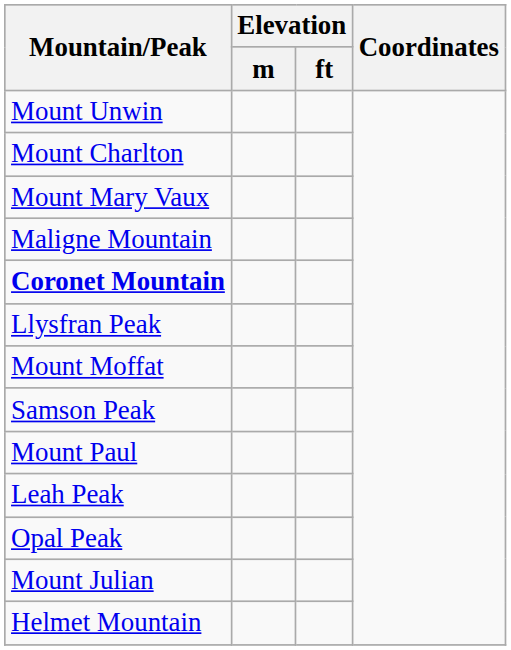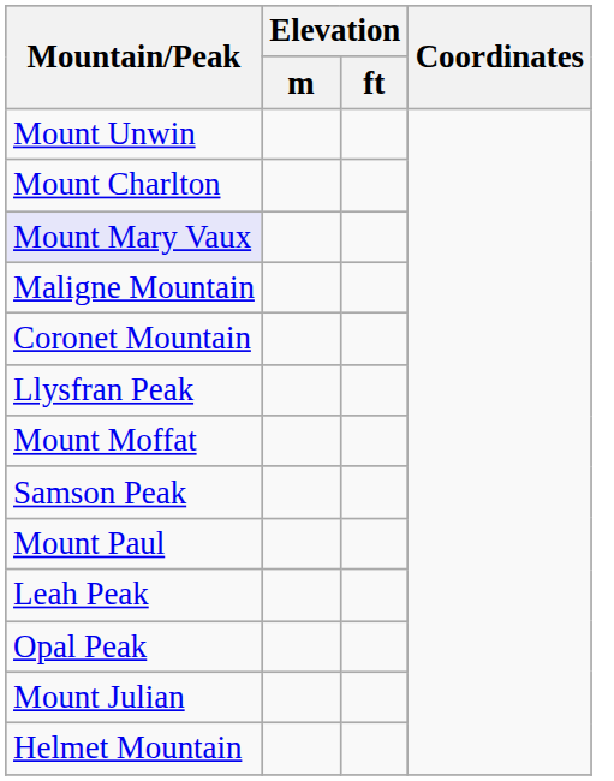 <table class="wikitable sortable">
 <tr>
 <th rowspan=2>Mountain/Peak</th>
 <th colspan=2>Elevation</th>
 <th rowspan=2>Coordinates</th>
 </tr>
 <tr>
 <th>m</th>
 <th>ft</th>
 </tr>
 <tr>
 <td><a href='#'>Mount Unwin</a></td>
 <td></td>
 <td></td>
 </tr>
 <tr>
 <td><a href='#'>Mount Charlton</a></td>
 <td></td>
 <td></td>
 </tr>
 <tr>
-<td><a href='#'>Mount Mary Vaux</a></td>
+<td style="background: lavender;"><a href='#'>Mount Mary Vaux</a></td>
 <td></td>
 <td></td>
 </tr>
 <tr>
 <td><a href='#'>Maligne Mountain</a></td>
 <td></td>
 <td></td>
 </tr>
 <tr>
-<td><strong><a href='#'>Coronet Mountain</a></strong></td>
+<td><a href='#'>Coronet Mountain</a></td>
 <td></td>
 <td></td>
 </tr>
 <tr>
 <td><a href='#'>Llysfran Peak</a></td>
 <td></td>
 <td></td>
 </tr>
 <tr>
 <td><a href='#'>Mount Moffat</a></td>
 <td></td>
 <td></td>
 </tr>
 <tr>
 <td><a href='#'>Samson Peak</a></td>
 <td></td>
 <td></td>
 </tr>
 <tr>
 <td><a href='#'>Mount Paul</a></td>
 <td></td>
 <td></td>
 </tr>
 <tr>
 <td><a href='#'>Leah Peak</a></td>
 <td></td>
 <td></td>
 </tr>
 <tr>
 <td><a href='#'>Opal Peak</a></td>
 <td></td>
 <td></td>
 </tr>
 <tr>
 <td><a href='#'>Mount Julian</a></td>
 <td></td>
 <td></td>
 </tr>
 <tr>
 <td><a href='#'>Helmet Mountain</a></td>
 <td></td>
 <td></td>
 </tr>
 </table>
